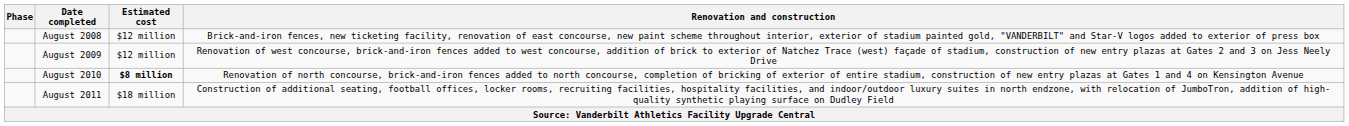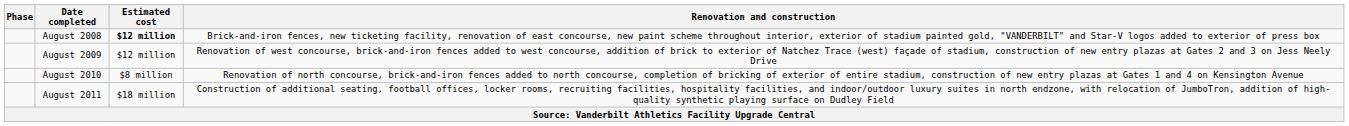 <table class=wikitable style="text-align:center">
 <tr>
 <th>Phase</th>
 <th>Date completed</th>
 <th>Estimated cost</th>
 <th colspan=2>Renovation and construction</th>
 </tr>
 <tr>
 <td></td>
 <td>August 2008</td>
-<td>$12 million</td>
+<td><strong>$12 million</strong></td>
 <td>Brick-and-iron fences, new ticketing facility, renovation of east concourse, new paint scheme throughout interior, exterior of stadium painted gold, "VANDERBILT" and Star-V logos added to exterior of press box</td>
 </tr>
 <tr>
 <td></td>
 <td>August 2009</td>
 <td>$12 million</td>
 <td>Renovation of west concourse, brick-and-iron fences added to west concourse, addition of brick to exterior of Natchez Trace (west) façade of stadium, construction of new entry plazas at Gates 2 and 3 on Jess Neely Drive</td>
 </tr>
 <tr>
 <td></td>
 <td>August 2010</td>
-<td><strong>$8 million</strong></td>
+<td>$8 million</td>
 <td>Renovation of north concourse, brick-and-iron fences added to north concourse, completion of bricking of exterior of entire stadium, construction of new entry plazas at Gates 1 and 4 on Kensington Avenue</td>
 </tr>
 <tr>
 <td></td>
 <td>August 2011</td>
 <td>$18 million</td>
 <td>Construction of additional seating, football offices, locker rooms, recruiting facilities, hospitality facilities, and indoor/outdoor luxury suites in north endzone, with relocation of JumboTron, addition of high-quality synthetic playing surface on Dudley Field</td>
 </tr>
 <tr>
 <th colspan=4>Source: Vanderbilt Athletics Facility Upgrade Central</th>
 </tr>
 </table>
